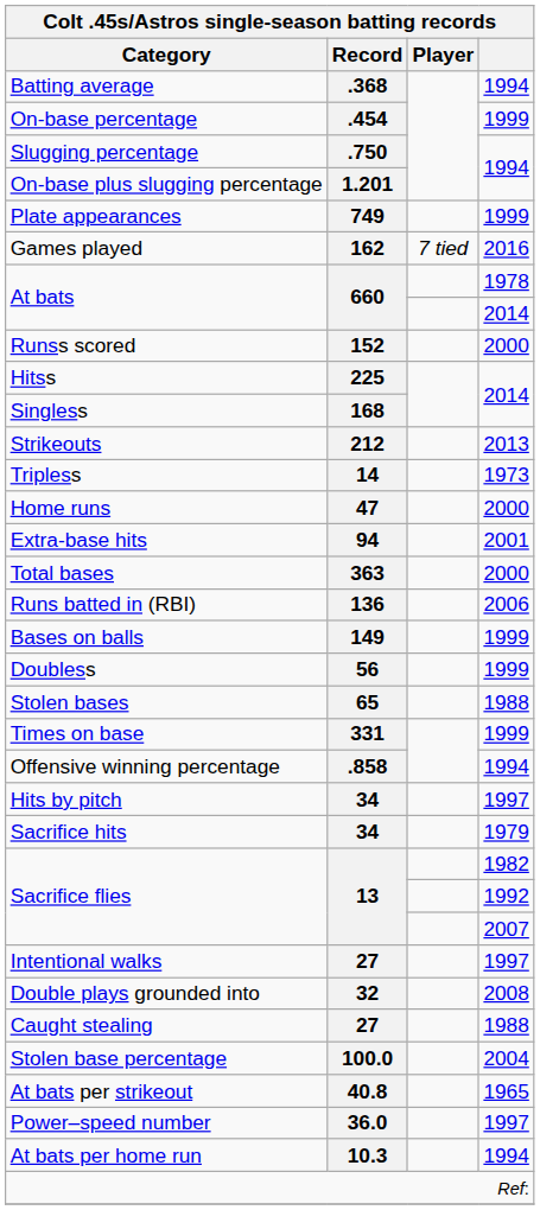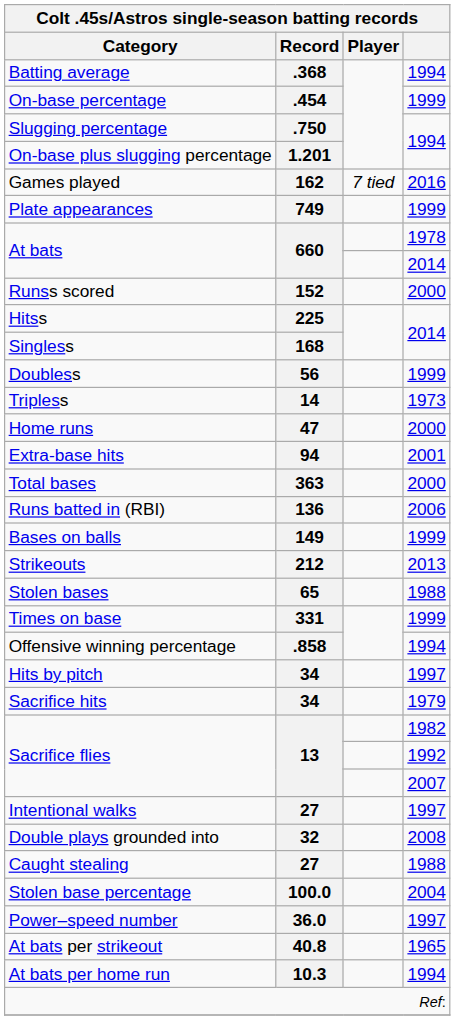 <table class="wikitable sortable" style="font-size: 90%">
 <tr>
 <th colspan=4><strong>Colt .45s/Astros single-season batting records</strong></th>
 </tr>
 <tr>
 <th>Category</th>
 <th>Record</th>
 <th align="center">Player</th>
 <th align="center"></th>
 </tr>
 <tr>
 <td><a href='#'>Batting average</a></td>
 <th align="center">.368</th>
 <td rowspan="4" align="center"></td>
 <td align="center"><a href='#'>1994</a></td>
 </tr>
 <tr>
 <td><a href='#'>On-base percentage</a></td>
 <th align="center">.454</th>
 <td align="center"><a href='#'>1999</a></td>
 </tr>
 <tr>
 <td><a href='#'>Slugging percentage</a></td>
 <th align="center">.750</th>
 <td rowspan="2" align="center"><a href='#'>1994</a></td>
 </tr>
 <tr>
 <td><a href='#'>On-base plus slugging</a> percentage</td>
 <th align="center">1.201</th>
 </tr>
 <tr>
+<td>Games played</td>
+<th align="center">162</th>
+<td align="center"><em>7 tied</em></td>
+<td align="center"><a href='#'>2016</a></td>
+</tr>
+<tr>
 <td><a href='#'>Plate appearances</a></td>
 <th align="center">749</th>
 <td align="center"></td>
 <td align="center"><a href='#'>1999</a></td>
-</tr>
-<tr>
-<td>Games played</td>
-<th align="center">162</th>
-<td align="center"><em>7 tied</em></td>
-<td align="center"><a href='#'>2016</a></td>
 </tr>
 <tr>
 <td rowspan="2"><a href='#'>At bats</a></td>
 <th rowspan="2" align="center">660</th>
 <td align="center"></td>
 <td align="center"><a href='#'>1978</a></td>
 </tr>
 <tr>
 <td align="center"></td>
 <td align="center"><a href='#'>2014</a></td>
 </tr>
 <tr>
 <td><a href='#'>Runs</a>s scored</td>
 <th align="center">152</th>
 <td align="center"></td>
 <td align="center"><a href='#'>2000</a></td>
 </tr>
 <tr>
 <td><a href='#'>Hits</a>s</td>
 <th align="center">225</th>
 <td rowspan="2" align="center"></td>
 <td rowspan="2" align="center"><a href='#'>2014</a></td>
 </tr>
 <tr>
 <td><a href='#'>Singles</a>s</td>
 <th align="center">168</th>
 </tr>
 <tr>
-<td><a href='#'>Strikeouts</a></td>
-<th align="center">212</th>
+<td><a href='#'>Doubles</a>s</td>
+<th align="center">56</th>
 <td align="center"></td>
-<td align="center"><a href='#'>2013</a></td>
+<td align="center"><a href='#'>1999</a></td>
 </tr>
 <tr>
 <td><a href='#'>Triples</a>s</td>
 <th align="center">14</th>
 <td align="center"></td>
 <td align="center"><a href='#'>1973</a></td>
 </tr>
 <tr>
 <td><a href='#'>Home runs</a></td>
 <th align="center">47</th>
 <td align="center"></td>
 <td align="center"><a href='#'>2000</a></td>
 </tr>
 <tr>
 <td><a href='#'>Extra-base hits</a></td>
 <th align="center">94</th>
 <td align="center"></td>
 <td align="center"><a href='#'>2001</a></td>
 </tr>
 <tr>
 <td><a href='#'>Total bases</a></td>
 <th align="center">363</th>
 <td align="center"></td>
 <td align="center"><a href='#'>2000</a></td>
 </tr>
 <tr>
 <td><a href='#'>Runs batted in</a> (RBI)</td>
 <th align="center">136</th>
 <td align="center"></td>
 <td align="center"><a href='#'>2006</a></td>
 </tr>
 <tr>
 <td><a href='#'>Bases on balls</a></td>
 <th align="center">149</th>
 <td align="center"></td>
 <td align="center"><a href='#'>1999</a></td>
 </tr>
 <tr>
-<td><a href='#'>Doubles</a>s</td>
-<th align="center">56</th>
+<td><a href='#'>Strikeouts</a></td>
+<th align="center">212</th>
 <td align="center"></td>
-<td align="center"><a href='#'>1999</a></td>
+<td align="center"><a href='#'>2013</a></td>
 </tr>
 <tr>
 <td><a href='#'>Stolen bases</a></td>
 <th align="center">65</th>
 <td align="center"></td>
 <td align="center"><a href='#'>1988</a></td>
 </tr>
 <tr>
 <td><a href='#'>Times on base</a></td>
 <th align="center">331</th>
 <td rowspan="2" align="center"></td>
 <td align="center"><a href='#'>1999</a></td>
 </tr>
 <tr>
 <td>Offensive winning percentage</td>
 <th align="center">.858</th>
 <td align="center"><a href='#'>1994</a></td>
 </tr>
 <tr>
 <td><a href='#'>Hits by pitch</a></td>
 <th align="center">34</th>
 <td align="center"></td>
 <td align="center"><a href='#'>1997</a></td>
 </tr>
 <tr>
 <td><a href='#'>Sacrifice hits</a></td>
 <th align="center">34</th>
 <td align="center"></td>
 <td align="center"><a href='#'>1979</a></td>
 </tr>
 <tr>
 <td rowspan="3"><a href='#'>Sacrifice flies</a></td>
 <th rowspan="3" align="center">13</th>
 <td align="center"></td>
 <td align="center"><a href='#'>1982</a></td>
 </tr>
 <tr>
 <td align="center"></td>
 <td align="center"><a href='#'>1992</a></td>
 </tr>
 <tr>
 <td align="center"></td>
 <td align="center"><a href='#'>2007</a></td>
 </tr>
 <tr>
 <td><a href='#'>Intentional walks</a></td>
 <th align="center">27</th>
 <td align="center"></td>
 <td align="center"><a href='#'>1997</a></td>
 </tr>
 <tr>
 <td><a href='#'>Double plays</a> grounded into</td>
 <th align="center">32</th>
 <td align="center"></td>
 <td align="center"><a href='#'>2008</a></td>
 </tr>
 <tr>
 <td><a href='#'>Caught stealing</a></td>
 <th align="center">27</th>
 <td align="center"></td>
 <td align="center"><a href='#'>1988</a></td>
 </tr>
 <tr>
 <td><a href='#'>Stolen base percentage</a></td>
 <th align="center">100.0</th>
 <td align="center"></td>
 <td align="center"><a href='#'>2004</a></td>
 </tr>
 <tr>
+<td><a href='#'>Power–speed number</a></td>
+<th align="center">36.0</th>
+<td align="center"></td>
+<td align="center"><a href='#'>1997</a></td>
+</tr>
+<tr>
 <td><a href='#'>At bats</a> per <a href='#'>strikeout</a></td>
 <th align="center">40.8</th>
 <td align="center"></td>
 <td align="center"><a href='#'>1965</a></td>
-</tr>
-<tr>
-<td><a href='#'>Power–speed number</a></td>
-<th align="center">36.0</th>
-<td align="center"></td>
-<td align="center"><a href='#'>1997</a></td>
 </tr>
 <tr>
 <td><a href='#'>At bats per home run</a></td>
 <th align="center">10.3</th>
 <td align="center"></td>
 <td align="center"><a href='#'>1994</a></td>
 </tr>
 <tr class="sortbottom">
 <td style="text-align:right"; colspan="4"><small><em>Ref</em>:</small></td>
 </tr>
 <tr>
 </tr>
 </table>
